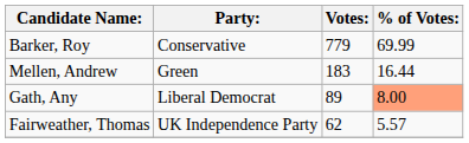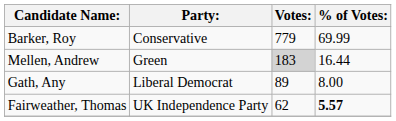 <table class="wikitable">
 <tr>
 <th>Candidate Name:</th>
 <th>Party:</th>
 <th>Votes:</th>
 <th>% of Votes:</th>
 </tr>
 <tr>
 <td>Barker, Roy</td>
 <td>Conservative</td>
 <td>779</td>
 <td>69.99</td>
 </tr>
 <tr>
 <td>Mellen, Andrew</td>
 <td>Green</td>
-<td>183</td>
+<td style="background: lightgrey;">183</td>
 <td>16.44</td>
 </tr>
 <tr>
 <td>Gath, Any</td>
 <td>Liberal Democrat</td>
 <td>89</td>
-<td style="background: lightsalmon;">8.00</td>
+<td>8.00</td>
 </tr>
 <tr>
 <td>Fairweather, Thomas</td>
 <td>UK Independence Party</td>
 <td>62</td>
-<td>5.57</td>
+<td><strong>5.57</strong></td>
 </tr>
 <tr>
 </tr>
 </table>
